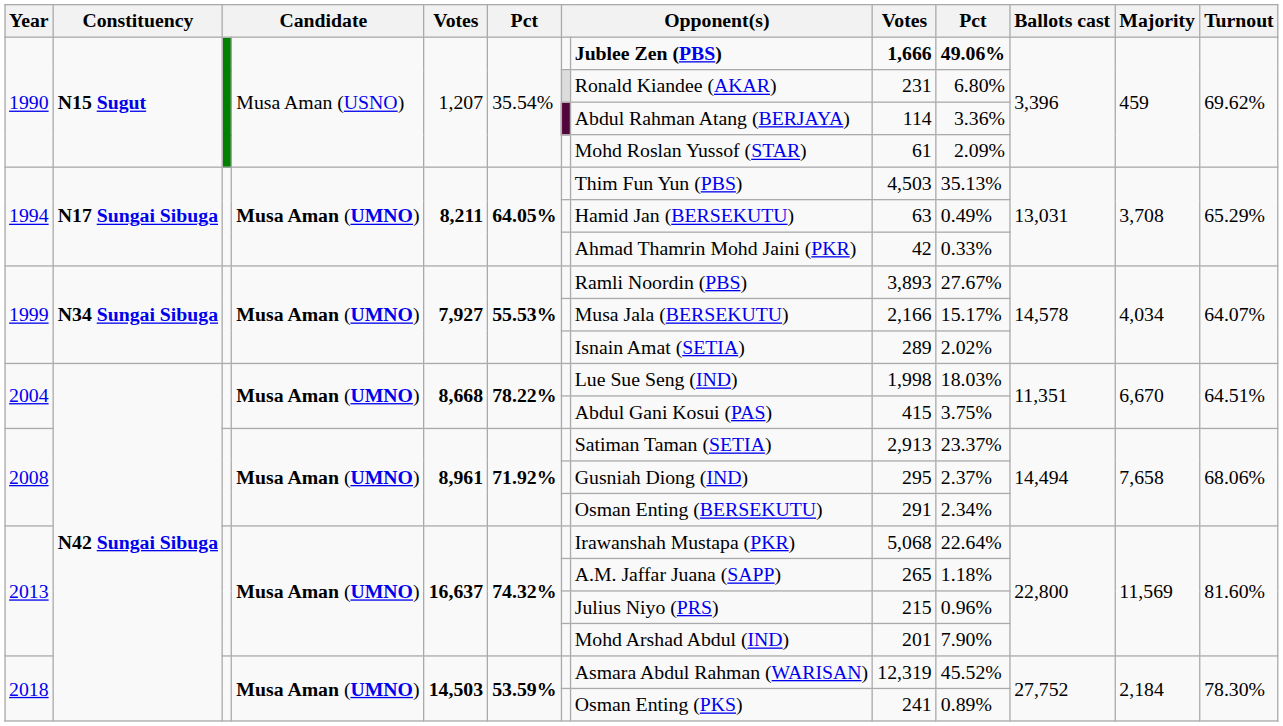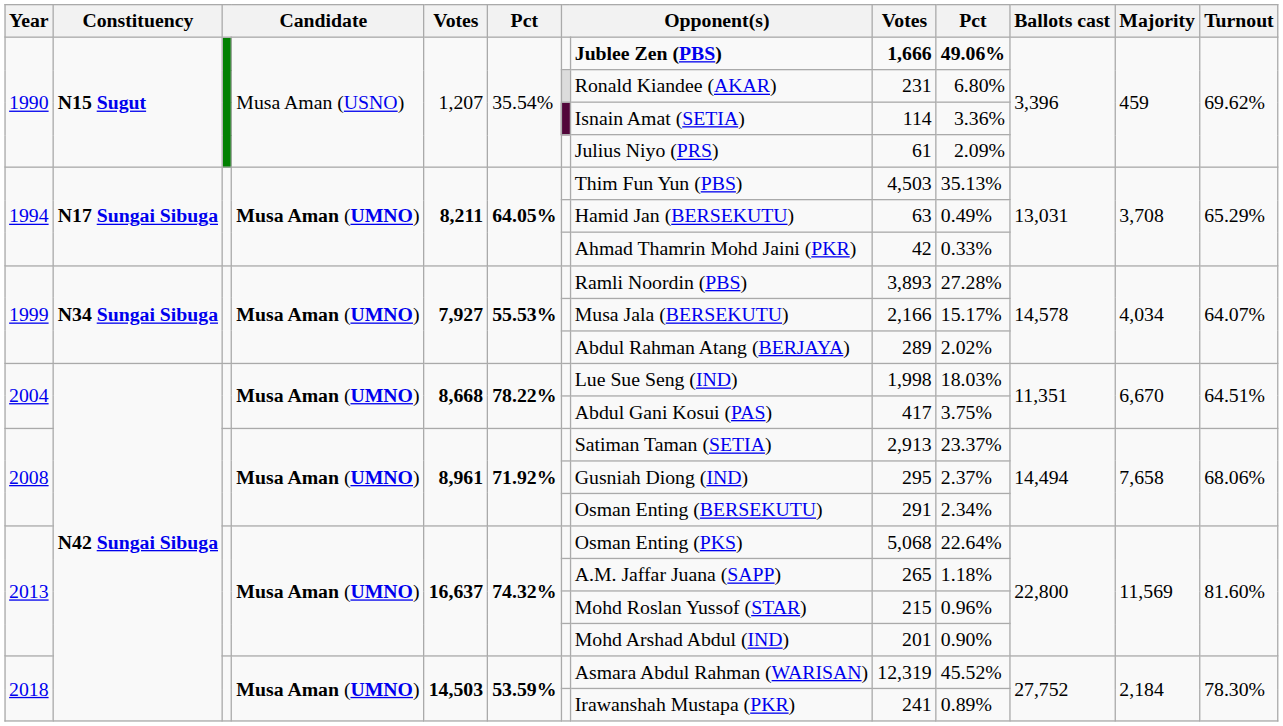 <table class="wikitable" style="margin:0.5em ; font-size:95%">
 <tr>
 <th>Year</th>
 <th>Constituency</th>
 <th colspan=2>Candidate</th>
 <th>Votes</th>
 <th>Pct</th>
 <th colspan=2>Opponent(s)</th>
 <th>Votes</th>
 <th>Pct</th>
 <th>Ballots cast</th>
 <th>Majority</th>
 <th>Turnout</th>
 </tr>
 <tr>
 <td rowspan="4"><a href='#'>1990</a></td>
 <td rowspan="4"><strong>N15 <a href='#'>Sugut</a></strong></td>
 <td rowspan="4" bgcolor = 008000></td>
 <td rowspan="4">Musa Aman (<a href='#'>USNO</a>)</td>
 <td rowspan="4" align=right>1,207</td>
 <td rowspan="4">35.54%</td>
 <td bgcolor= ></td>
 <td><strong>Jublee Zen (<a href='#'>PBS</a>)</strong></td>
 <td align=right><strong>1,666</strong></td>
 <td><strong>49.06%</strong></td>
 <td rowspan="4">3,396</td>
 <td rowspan="4">459</td>
 <td rowspan="4">69.62%</td>
 </tr>
 <tr>
 <td bgcolor = dcdcdc></td>
 <td>Ronald Kiandee (<a href='#'>AKAR</a>)</td>
 <td align=right>231</td>
 <td align=right>6.80%</td>
 </tr>
 <tr>
 <td bgcolor = 52053A></td>
-<td>Abdul Rahman Atang (<a href='#'>BERJAYA</a>)</td>
+<td>Isnain Amat (<a href='#'>SETIA</a>)</td>
 <td align=right>114</td>
 <td align=right>3.36%</td>
 </tr>
 <tr>
 <td></td>
-<td>Mohd Roslan Yussof (<a href='#'>STAR</a>)</td>
+<td>Julius Niyo (<a href='#'>PRS</a>)</td>
 <td align=right>61</td>
 <td align=right>2.09%</td>
 </tr>
 <tr>
 <td rowspan="3"><a href='#'>1994</a></td>
 <td rowspan="3"><strong>N17 <a href='#'>Sungai Sibuga</a></strong></td>
 <td rowspan="3" ></td>
 <td rowspan="3"><strong>Musa Aman</strong> (<a href='#'><strong>UMNO</strong></a>)</td>
 <td rowspan="3" align="right"><strong>8,211</strong></td>
 <td rowspan="3"><strong>64.05%</strong></td>
 <td></td>
 <td>Thim Fun Yun (<a href='#'>PBS</a>)</td>
 <td align="right">4,503</td>
 <td>35.13%</td>
 <td rowspan="3">13,031</td>
 <td rowspan="3">3,708</td>
 <td rowspan="3">65.29%</td>
 </tr>
 <tr>
 <td></td>
 <td>Hamid Jan (<a href='#'>BERSEKUTU</a>)</td>
 <td align="right">63</td>
 <td>0.49%</td>
 </tr>
 <tr>
 <td></td>
 <td>Ahmad Thamrin Mohd Jaini (<a href='#'>PKR</a>)</td>
 <td align="right">42</td>
 <td>0.33%</td>
 </tr>
 <tr>
 <td rowspan=3><a href='#'>1999</a></td>
 <td rowspan=3><strong>N34 <a href='#'>Sungai Sibuga</a></strong></td>
 <td rowspan=3 ></td>
 <td rowspan=3><strong>Musa Aman</strong> (<a href='#'><strong>UMNO</strong></a>)</td>
 <td rowspan=3 align="right"><strong>7,927</strong></td>
 <td rowspan=3><strong>55.53%</strong></td>
 <td></td>
 <td>Ramli Noordin (<a href='#'>PBS</a>)</td>
 <td align="right">3,893</td>
-<td>27.67%</td>
+<td>27.28%</td>
 <td rowspan=3>14,578</td>
 <td rowspan=3>4,034</td>
 <td rowspan=3>64.07%</td>
 </tr>
 <tr>
 <td></td>
 <td>Musa Jala (<a href='#'>BERSEKUTU</a>)</td>
 <td align="right">2,166</td>
 <td>15.17%</td>
 </tr>
 <tr>
 <td></td>
-<td>Isnain Amat (<a href='#'>SETIA</a>)</td>
+<td>Abdul Rahman Atang (<a href='#'>BERJAYA</a>)</td>
 <td align="right">289</td>
 <td>2.02%</td>
 </tr>
 <tr>
 <td rowspan=2><a href='#'>2004</a></td>
 <td rowspan=11><strong>N42 <a href='#'>Sungai Sibuga</a></strong></td>
 <td rowspan=2 ></td>
 <td rowspan=2><strong>Musa Aman</strong> (<a href='#'><strong>UMNO</strong></a>)</td>
 <td rowspan=2 align="right"><strong>8,668</strong></td>
 <td rowspan=2><strong>78.22%</strong></td>
 <td></td>
 <td>Lue Sue Seng (<a href='#'>IND</a>)</td>
 <td align="right">1,998</td>
 <td>18.03%</td>
 <td rowspan=2>11,351</td>
 <td rowspan=2>6,670</td>
 <td rowspan=2>64.51%</td>
 </tr>
 <tr>
 <td></td>
 <td>Abdul Gani Kosui (<a href='#'>PAS</a>)</td>
-<td align="right">415</td>
+<td align="right">417</td>
 <td>3.75%</td>
 </tr>
 <tr>
 <td rowspan=3><a href='#'>2008</a></td>
 <td rowspan=3 ></td>
 <td rowspan=3><strong>Musa Aman</strong> (<a href='#'><strong>UMNO</strong></a>)</td>
 <td rowspan=3 align="right"><strong>8,961</strong></td>
 <td rowspan=3><strong>71.92%</strong></td>
 <td></td>
 <td>Satiman Taman (<a href='#'>SETIA</a>)</td>
 <td align="right">2,913</td>
 <td>23.37%</td>
 <td rowspan=3>14,494</td>
 <td rowspan=3>7,658</td>
 <td rowspan=3>68.06%</td>
 </tr>
 <tr>
 <td></td>
 <td>Gusniah Diong (<a href='#'>IND</a>)</td>
 <td align="right">295</td>
 <td>2.37%</td>
 </tr>
 <tr>
 <td></td>
 <td>Osman Enting (<a href='#'>BERSEKUTU</a>)</td>
 <td align="right">291</td>
 <td>2.34%</td>
 </tr>
 <tr>
 <td rowspan=4><a href='#'>2013</a></td>
 <td rowspan=4 ></td>
 <td rowspan=4><strong>Musa Aman</strong> (<a href='#'><strong>UMNO</strong></a>)</td>
 <td rowspan=4 align="right"><strong>16,637</strong></td>
 <td rowspan=4><strong>74.32%</strong></td>
 <td></td>
-<td>Irawanshah Mustapa (<a href='#'>PKR</a>)</td>
+<td>Osman Enting (<a href='#'>PKS</a>)</td>
 <td align="right">5,068</td>
 <td>22.64%</td>
 <td rowspan=4>22,800</td>
 <td rowspan=4>11,569</td>
 <td rowspan=4>81.60%</td>
 </tr>
 <tr>
 <td></td>
 <td>A.M. Jaffar Juana (<a href='#'>SAPP</a>)</td>
 <td align="right">265</td>
 <td>1.18%</td>
 </tr>
 <tr>
 <td></td>
-<td>Julius Niyo (<a href='#'>PRS</a>)</td>
+<td>Mohd Roslan Yussof (<a href='#'>STAR</a>)</td>
 <td align="right">215</td>
 <td>0.96%</td>
 </tr>
 <tr>
 <td></td>
 <td>Mohd Arshad Abdul (<a href='#'>IND</a>)</td>
 <td align="right">201</td>
-<td>7.90%</td>
+<td>0.90%</td>
 </tr>
 <tr>
 <td rowspan=2><a href='#'>2018</a></td>
 <td rowspan=2 ></td>
 <td rowspan=2><strong>Musa Aman</strong> (<a href='#'><strong>UMNO</strong></a>)</td>
 <td rowspan=2 align="right"><strong>14,503</strong></td>
 <td rowspan=2><strong>53.59%</strong></td>
 <td></td>
 <td>Asmara Abdul Rahman (<a href='#'>WARISAN</a>)</td>
 <td align="right">12,319</td>
 <td>45.52%</td>
 <td rowspan=2>27,752</td>
 <td rowspan=2>2,184</td>
 <td rowspan=2>78.30%</td>
 </tr>
 <tr>
 <td></td>
-<td>Osman Enting (<a href='#'>PKS</a>)</td>
+<td>Irawanshah Mustapa (<a href='#'>PKR</a>)</td>
 <td align="right">241</td>
 <td>0.89%</td>
 </tr>
 </table>
